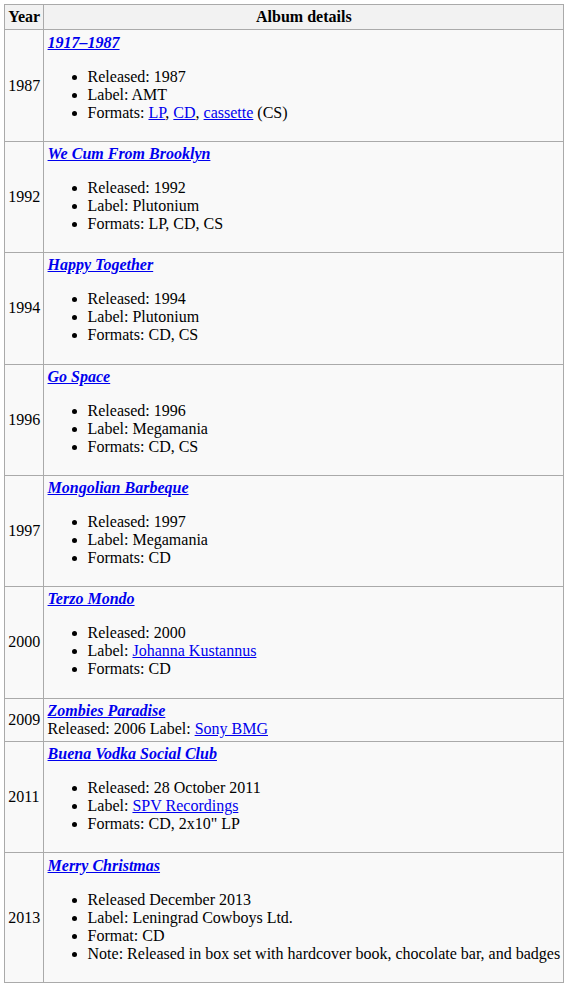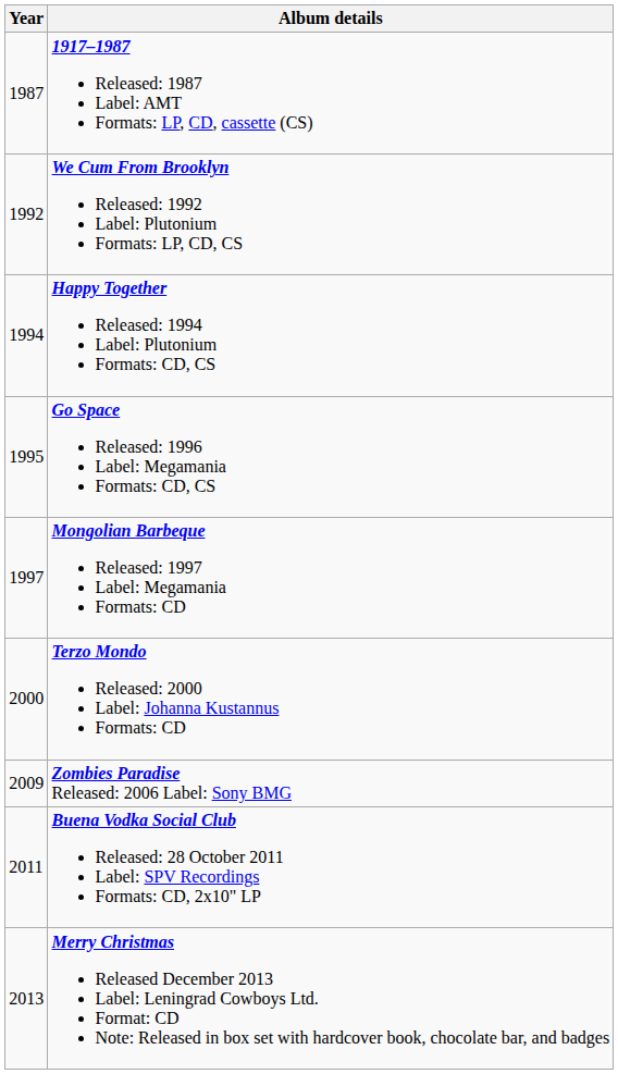 <table class="wikitable">
 <tr>
 <th>Year</th>
 <th>Album details</th>
 </tr>
 <tr>
 <td>1987</td>
 <td><strong><em><a href='#'>1917–1987</a></em></strong><br><ul><li>Released: 1987</li><li>Label: AMT </li><li>Formats: <a href='#'>LP</a>, <a href='#'>CD</a>, <a href='#'>cassette</a> (CS)</li></ul></td>
 </tr>
 <tr>
 <td>1992</td>
 <td><strong><em><a href='#'>We Cum From Brooklyn</a></em></strong><br><ul><li>Released: 1992</li><li>Label: Plutonium </li><li>Formats: LP, CD, CS</li></ul></td>
 </tr>
 <tr>
 <td>1994</td>
 <td><strong><em><a href='#'>Happy Together</a></em></strong><br><ul><li>Released: 1994</li><li>Label: Plutonium </li><li>Formats: CD, CS</li></ul></td>
 </tr>
 <tr>
-<td>1996</td>
+<td>1995</td>
 <td><strong><em><a href='#'>Go Space</a></em></strong><br><ul><li>Released: 1996</li><li>Label: Megamania </li><li>Formats: CD, CS</li></ul></td>
 </tr>
 <tr>
 <td>1997</td>
 <td><strong><em><a href='#'>Mongolian Barbeque</a></em></strong><br><ul><li>Released: 1997</li><li>Label: Megamania </li><li>Formats: CD</li></ul></td>
 </tr>
 <tr>
 <td>2000</td>
 <td><strong><em><a href='#'>Terzo Mondo</a></em></strong><br><ul><li>Released: 2000</li><li>Label: <a href='#'>Johanna Kustannus</a> </li><li>Formats: CD</li></ul></td>
 </tr>
 <tr>
 <td>2009</td>
 <td><strong><em><a href='#'>Zombies Paradise</a></em></strong><br>Released: 2006 Label: <a href='#'>Sony BMG</a> </td>
 </tr>
 <tr>
 <td>2011</td>
 <td><strong><em><a href='#'>Buena Vodka Social Club</a></em></strong><br><ul><li>Released: 28 October 2011</li><li>Label: <a href='#'>SPV Recordings</a> </li><li>Formats: CD, 2x10" LP</li></ul></td>
 </tr>
 <tr>
 <td>2013</td>
 <td><strong><em><a href='#'>Merry Christmas</a></em></strong><br><ul><li>Released December 2013</li><li>Label: Leningrad Cowboys Ltd. </li><li>Format: CD</li><li>Note: Released in box set with hardcover book, chocolate bar, and badges</li></ul></td>
 </tr>
 </table>
